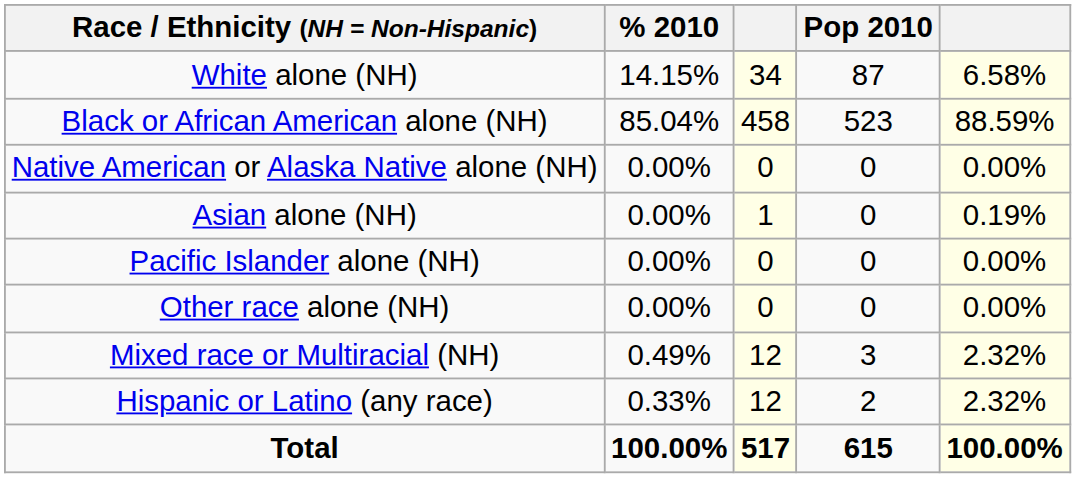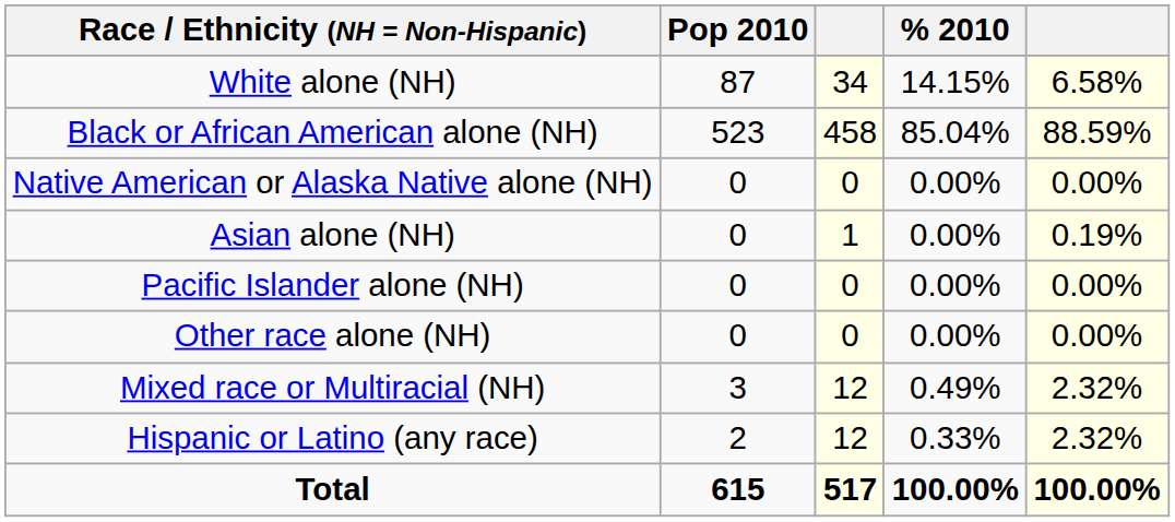 <table class="wikitable"  style="text-align:center;">
 <tr>
 <th>Race / Ethnicity <small>(<em>NH = Non-Hispanic</em>)</small></th>
+<th>Pop 2010</th>
+<th></th>
 <th>% 2010</th>
-<th></th>
-<th>Pop 2010</th>
 <th></th>
 </tr>
 <tr>
 <td><a href='#'>White</a> alone (NH)</td>
+<td>87</td>
+<td style='background: #ffffe6;'>34</td>
 <td>14.15%</td>
-<td style='background: #ffffe6;'>34</td>
-<td>87</td>
 <td style='background: #ffffe6;'>6.58%</td>
 </tr>
 <tr>
 <td><a href='#'>Black or African American</a> alone (NH)</td>
+<td>523</td>
+<td style='background: #ffffe6;'>458</td>
 <td>85.04%</td>
-<td style='background: #ffffe6;'>458</td>
-<td>523</td>
 <td style='background: #ffffe6;'>88.59%</td>
 </tr>
 <tr>
 <td><a href='#'>Native American</a> or <a href='#'>Alaska Native</a> alone (NH)</td>
+<td>0</td>
+<td style='background: #ffffe6;'>0</td>
 <td>0.00%</td>
-<td style='background: #ffffe6;'>0</td>
-<td>0</td>
 <td style='background: #ffffe6;'>0.00%</td>
 </tr>
 <tr>
 <td><a href='#'>Asian</a> alone (NH)</td>
+<td>0</td>
+<td style='background: #ffffe6;'>1</td>
 <td>0.00%</td>
-<td style='background: #ffffe6;'>1</td>
-<td>0</td>
 <td style='background: #ffffe6;'>0.19%</td>
 </tr>
 <tr>
 <td><a href='#'>Pacific Islander</a> alone (NH)</td>
+<td>0</td>
+<td style='background: #ffffe6;'>0</td>
 <td>0.00%</td>
-<td style='background: #ffffe6;'>0</td>
-<td>0</td>
 <td style='background: #ffffe6;'>0.00%</td>
 </tr>
 <tr>
 <td><a href='#'>Other race</a> alone (NH)</td>
+<td>0</td>
+<td style='background: #ffffe6;'>0</td>
 <td>0.00%</td>
-<td style='background: #ffffe6;'>0</td>
-<td>0</td>
 <td style='background: #ffffe6;'>0.00%</td>
 </tr>
 <tr>
 <td><a href='#'>Mixed race or Multiracial</a> (NH)</td>
+<td>3</td>
+<td style='background: #ffffe6;'>12</td>
 <td>0.49%</td>
-<td style='background: #ffffe6;'>12</td>
-<td>3</td>
 <td style='background: #ffffe6;'>2.32%</td>
 </tr>
 <tr>
 <td><a href='#'>Hispanic or Latino</a> (any race)</td>
+<td>2</td>
+<td style='background: #ffffe6;'>12</td>
 <td>0.33%</td>
-<td style='background: #ffffe6;'>12</td>
-<td>2</td>
 <td style='background: #ffffe6;'>2.32%</td>
 </tr>
 <tr>
 <td><strong>Total</strong></td>
+<td><strong>615</strong></td>
+<td style='background: #ffffe6;'><strong>517</strong></td>
 <td><strong>100.00%</strong></td>
-<td style='background: #ffffe6;'><strong>517</strong></td>
-<td><strong>615</strong></td>
 <td style='background: #ffffe6;'><strong>100.00%</strong></td>
 </tr>
 </table>
